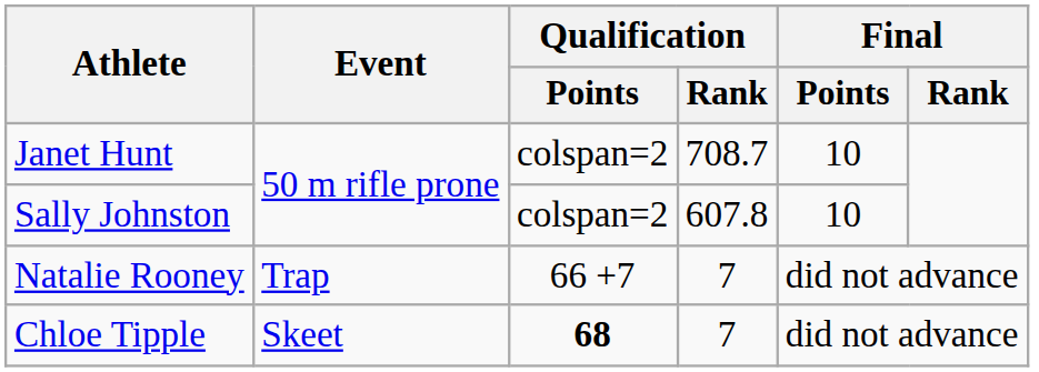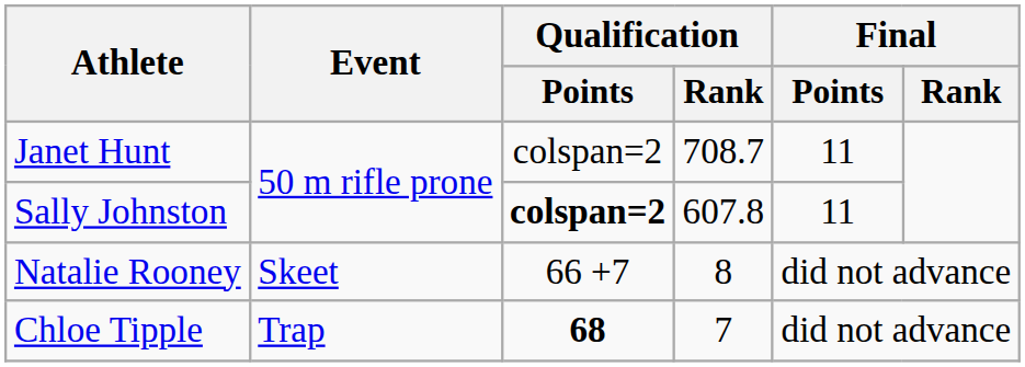 <table class="wikitable" style="font-size:90%;text-align:center">
 <tr>
 <th rowspan=2>Athlete</th>
 <th rowspan=2>Event</th>
 <th colspan=2>Qualification</th>
 <th colspan=2>Final</th>
 </tr>
 <tr style="font-size:95%">
 <th>Points</th>
 <th>Rank</th>
 <th>Points</th>
 <th>Rank</th>
 </tr>
 <tr>
 <td style="text-align:left"><a href='#'>Janet Hunt</a></td>
 <td style="text-align:left" rowspan=2><a href='#'>50 m rifle prone</a></td>
 <td>colspan=2 </td>
 <td>708.7</td>
-<td>10</td>
+<td>11</td>
 </tr>
 <tr>
 <td style="text-align:left"><a href='#'>Sally Johnston</a></td>
-<td>colspan=2 </td>
+<td><strong>colspan=2 </strong></td>
 <td>607.8</td>
-<td>10</td>
+<td>11</td>
 </tr>
 <tr>
 <td style="text-align:left"><a href='#'>Natalie Rooney</a></td>
-<td style="text-align:left"><a href='#'>Trap</a></td>
+<td style="text-align:left"><a href='#'>Skeet</a></td>
 <td>66 +7</td>
-<td>7</td>
+<td>8</td>
 <td colspan=2>did not advance</td>
 </tr>
 <tr>
 <td style="text-align:left"><a href='#'>Chloe Tipple</a></td>
-<td style="text-align:left"><a href='#'>Skeet</a></td>
+<td style="text-align:left"><a href='#'>Trap</a></td>
 <td><strong>68</strong></td>
 <td>7</td>
 <td colspan=2>did not advance</td>
 </tr>
 </table>
